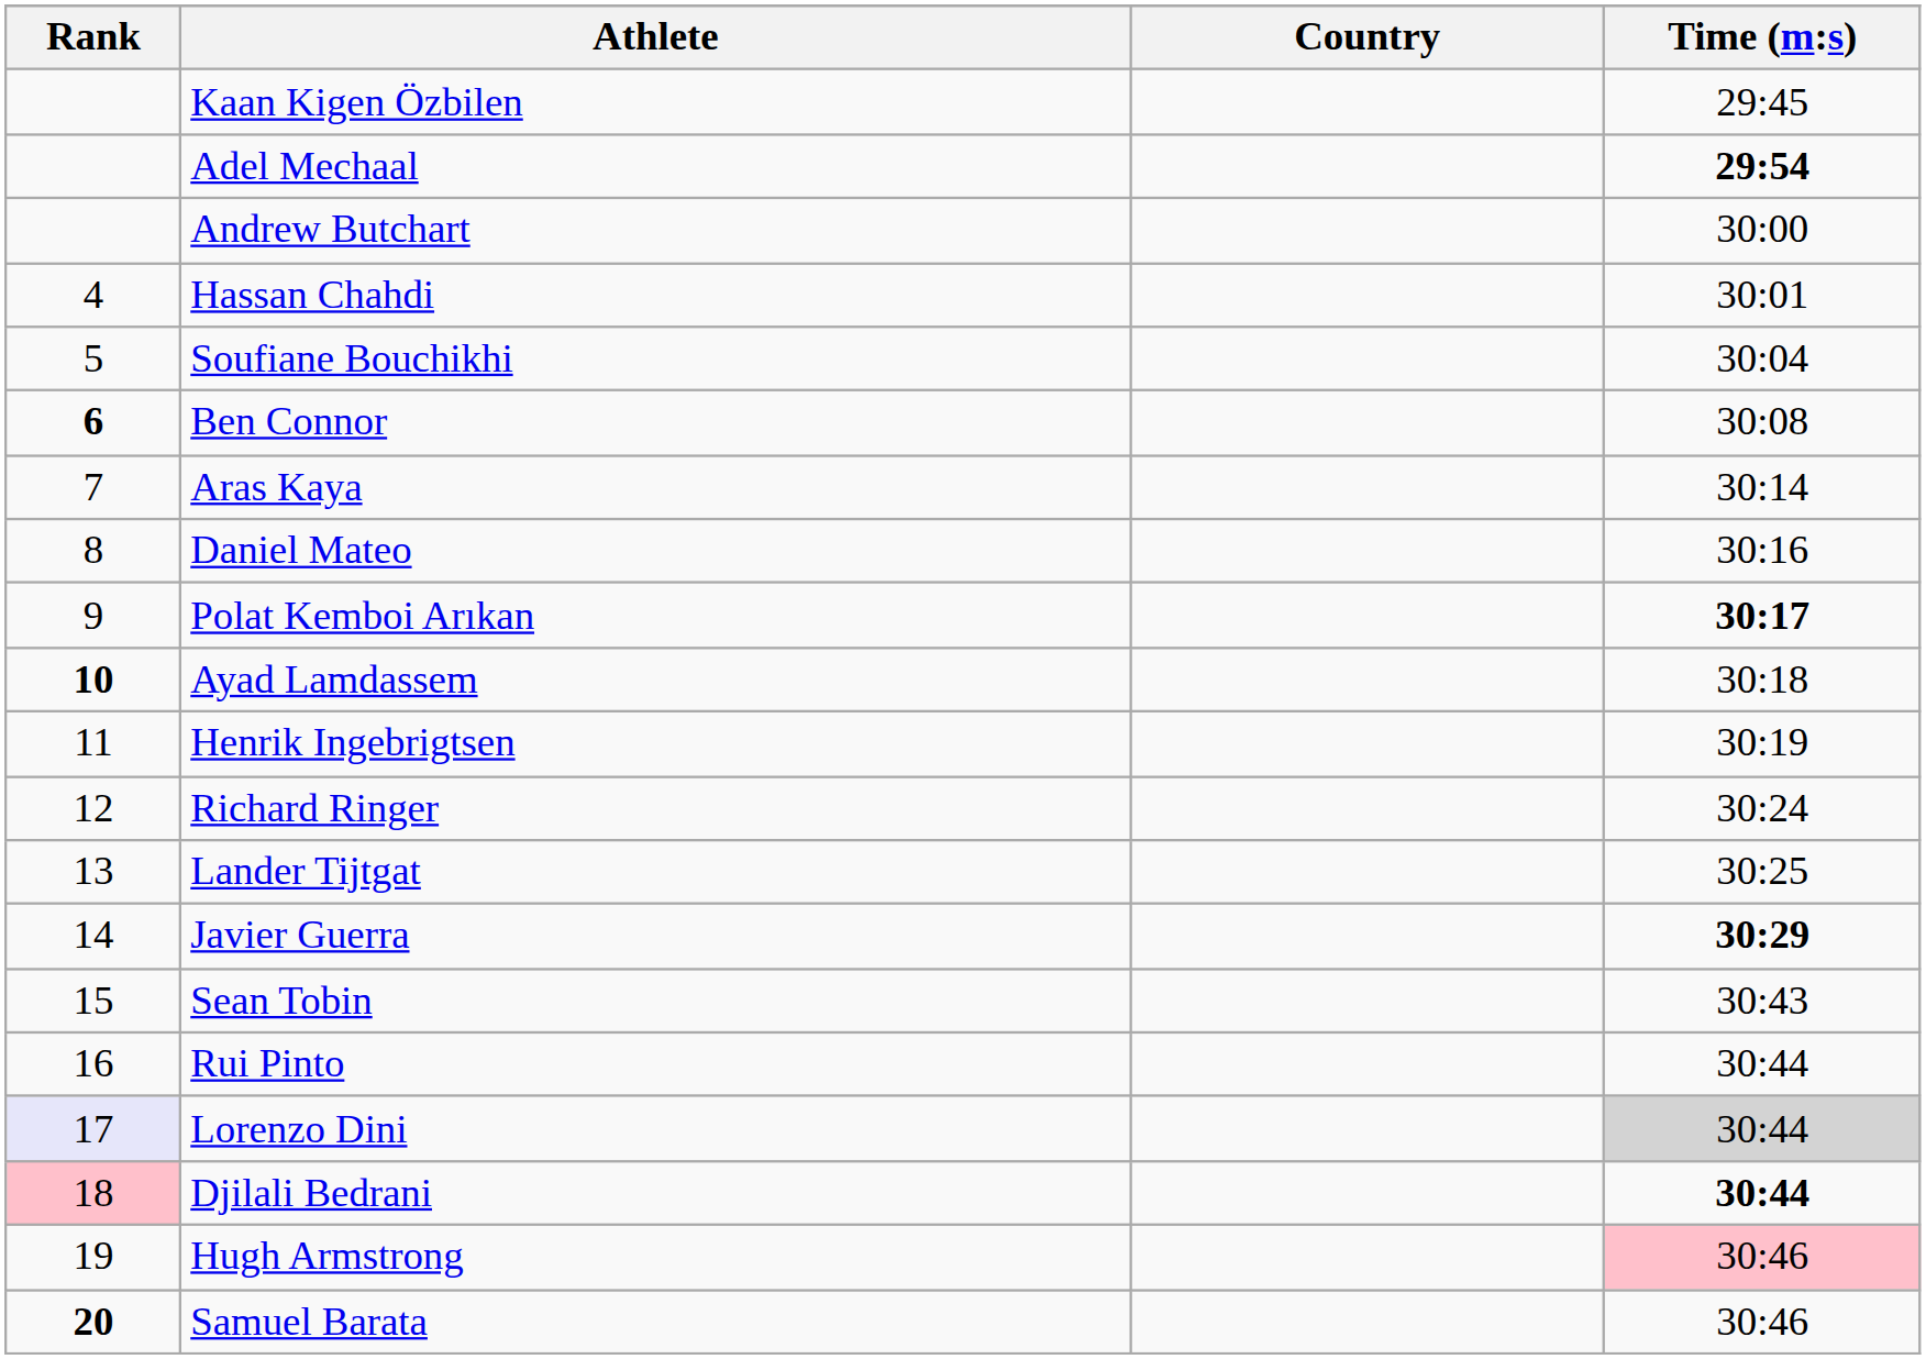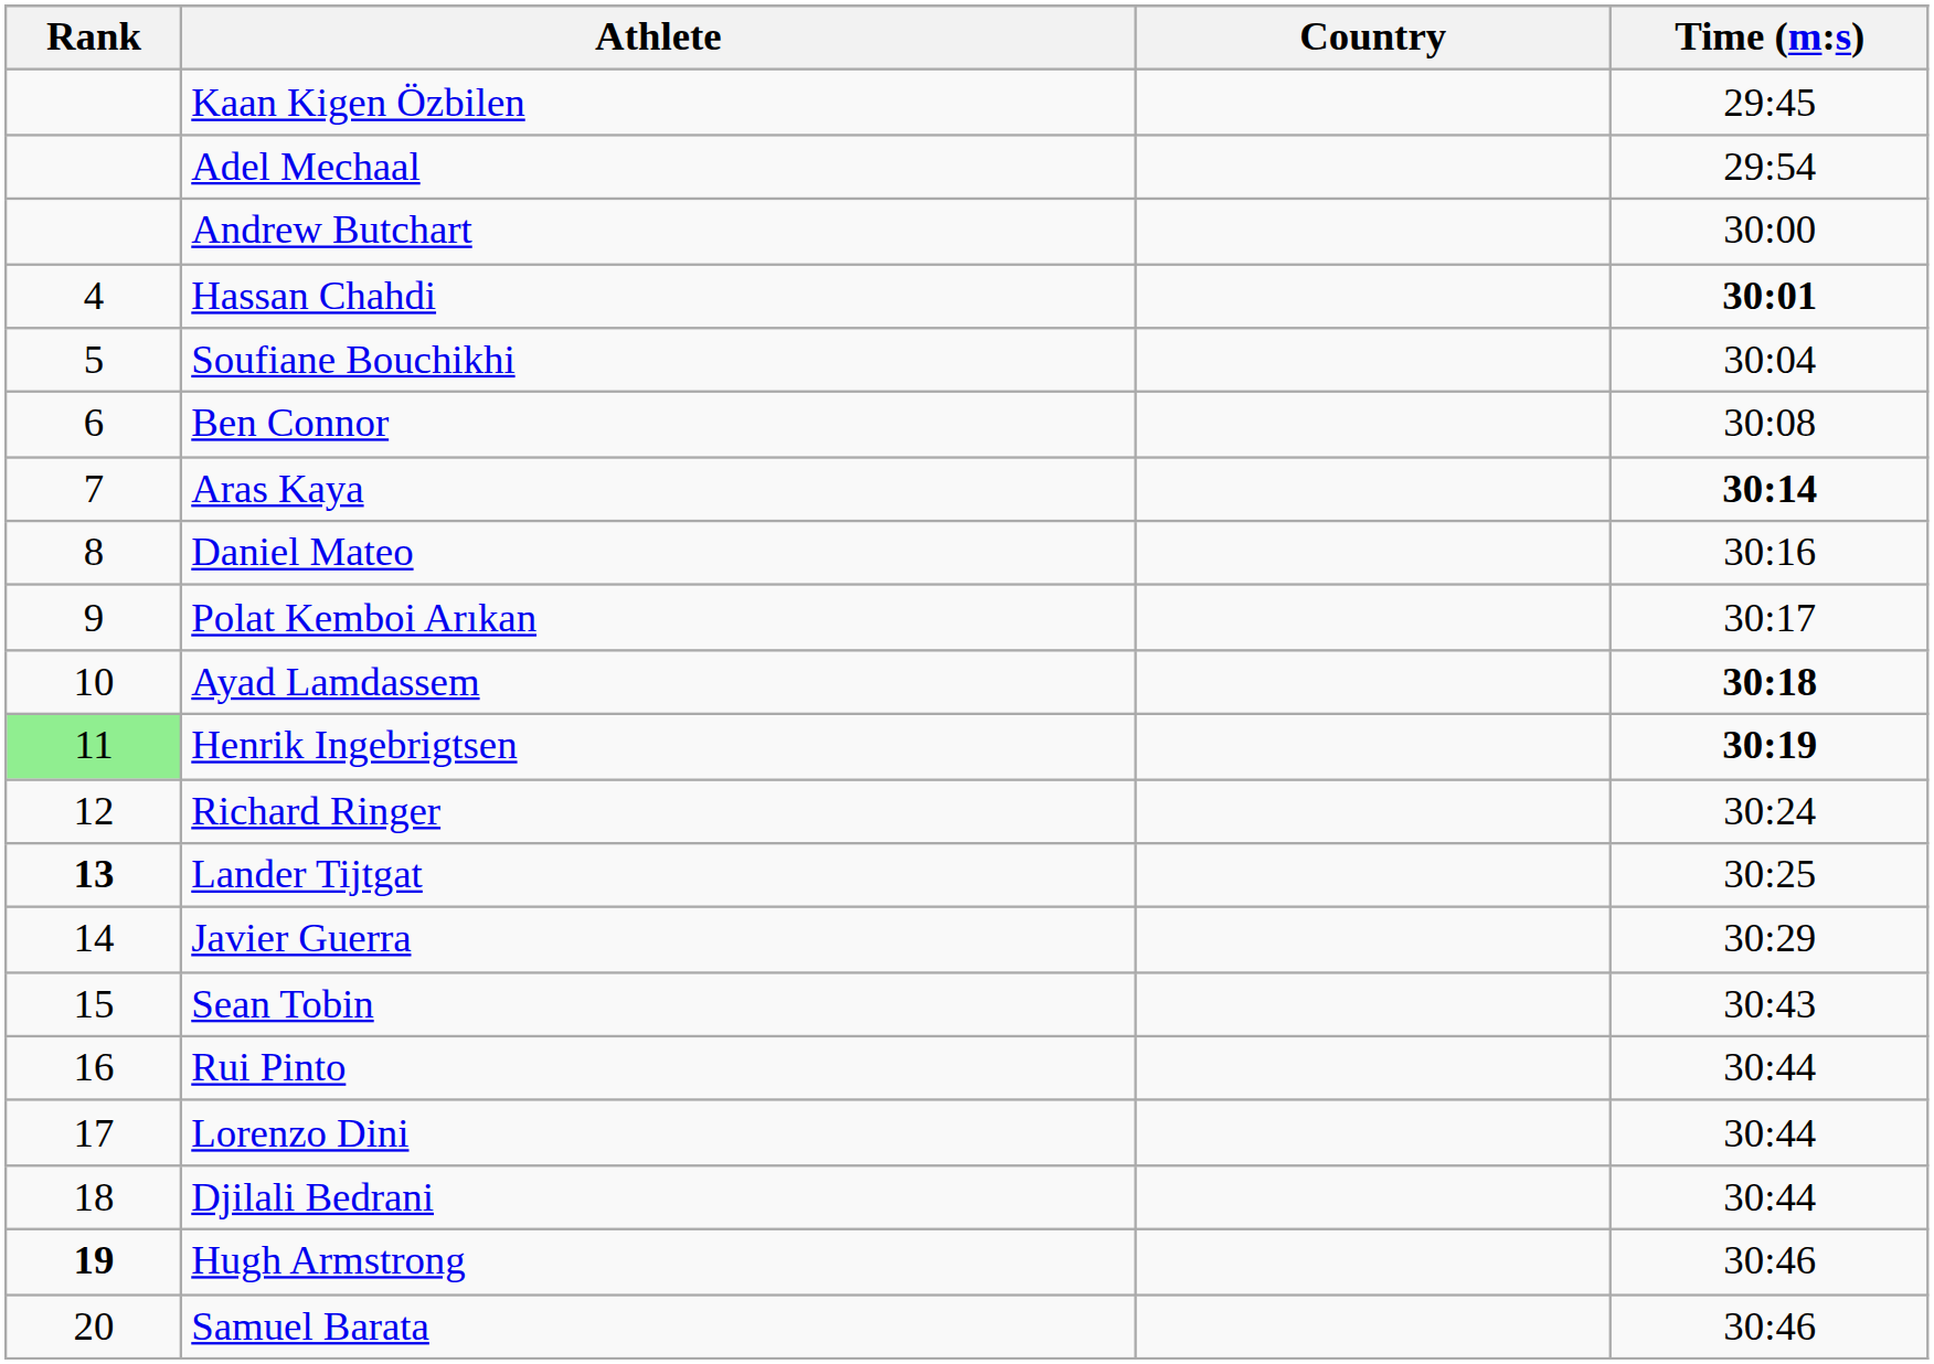 <table class="wikitable" style="text-align:center;" width="60%">
 <tr>
 </tr>
 <tr>
 <th width=5%>Rank</th>
 <th width=30%>Athlete</th>
 <th width=15%>Country</th>
 <th width=10%>Time (<a href='#'>m</a>:<a href='#'>s</a>)</th>
 </tr>
 <tr>
 <td></td>
 <td align=left><a href='#'>Kaan Kigen Özbilen</a></td>
 <td align=left></td>
 <td>29:45</td>
 </tr>
 <tr>
 <td></td>
 <td align=left><a href='#'>Adel Mechaal</a></td>
 <td align=left></td>
-<td><strong>29:54</strong></td>
+<td>29:54</td>
 </tr>
 <tr>
 <td></td>
 <td align=left><a href='#'>Andrew Butchart</a></td>
 <td align=left></td>
 <td>30:00</td>
 </tr>
 <tr>
 <td>4</td>
 <td align=left><a href='#'>Hassan Chahdi</a></td>
 <td align=left></td>
-<td>30:01</td>
+<td><strong>30:01</strong></td>
 </tr>
 <tr>
 <td>5</td>
 <td align=left><a href='#'>Soufiane Bouchikhi</a></td>
 <td align=left></td>
 <td>30:04</td>
 </tr>
 <tr>
-<td><strong>6</strong></td>
+<td>6</td>
 <td align=left><a href='#'>Ben Connor</a></td>
 <td align=left></td>
 <td>30:08</td>
 </tr>
 <tr>
 <td>7</td>
 <td align=left><a href='#'>Aras Kaya</a></td>
 <td align=left></td>
-<td>30:14</td>
+<td><strong>30:14</strong></td>
 </tr>
 <tr>
 <td>8</td>
 <td align=left><a href='#'>Daniel Mateo</a></td>
 <td align=left></td>
 <td>30:16</td>
 </tr>
 <tr>
 <td>9</td>
 <td align=left><a href='#'>Polat Kemboi Arıkan</a></td>
 <td align=left></td>
-<td><strong>30:17</strong></td>
+<td>30:17</td>
 </tr>
 <tr>
-<td><strong>10</strong></td>
+<td>10</td>
 <td align=left><a href='#'>Ayad Lamdassem</a></td>
 <td align=left></td>
-<td>30:18</td>
+<td><strong>30:18</strong></td>
 </tr>
 <tr>
-<td>11</td>
+<td style="background: lightgreen;">11</td>
 <td align=left><a href='#'>Henrik Ingebrigtsen</a></td>
 <td align=left></td>
-<td>30:19</td>
+<td><strong>30:19</strong></td>
 </tr>
 <tr>
 <td>12</td>
 <td align=left><a href='#'>Richard Ringer</a></td>
 <td align=left></td>
 <td>30:24</td>
 </tr>
 <tr>
-<td>13</td>
+<td><strong>13</strong></td>
 <td align=left><a href='#'>Lander Tijtgat</a></td>
 <td align=left></td>
 <td>30:25</td>
 </tr>
 <tr>
 <td>14</td>
 <td align=left><a href='#'>Javier Guerra</a></td>
 <td align=left></td>
-<td><strong>30:29</strong></td>
+<td>30:29</td>
 </tr>
 <tr>
 <td>15</td>
 <td align=left><a href='#'>Sean Tobin</a></td>
 <td align=left></td>
 <td>30:43</td>
 </tr>
 <tr>
 <td>16</td>
 <td align=left><a href='#'>Rui Pinto</a></td>
 <td align=left></td>
 <td>30:44</td>
 </tr>
 <tr>
-<td style="background: lavender;">17</td>
+<td>17</td>
 <td align=left><a href='#'>Lorenzo Dini</a></td>
 <td align=left></td>
-<td style="background: lightgrey;">30:44</td>
+<td>30:44</td>
 </tr>
 <tr>
-<td style="background: pink;">18</td>
+<td>18</td>
 <td align=left><a href='#'>Djilali Bedrani</a></td>
 <td align=left></td>
-<td><strong>30:44</strong></td>
+<td>30:44</td>
 </tr>
 <tr>
-<td>19</td>
+<td><strong>19</strong></td>
 <td align=left><a href='#'>Hugh Armstrong</a></td>
 <td align=left></td>
-<td style="background: pink;">30:46</td>
+<td>30:46</td>
 </tr>
 <tr>
-<td><strong>20</strong></td>
+<td>20</td>
 <td align=left><a href='#'>Samuel Barata</a></td>
 <td align=left></td>
 <td>30:46</td>
 </tr>
 </table>
